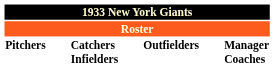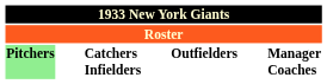 <table class="toccolours" style="font-size: 95%;">
 <tr>
 <th colspan="10" style="background-color: black; color: #FFFDD0; text-align: center;">1933 New York Giants</th>
 </tr>
 <tr>
 <td colspan="10" style="background-color: #fd5a1e; color: #FFFDD0; text-align: center;"><strong>Roster</strong></td>
 </tr>
 <tr>
-<td valign="top"><strong>Pitchers</strong><br>                   </td>
+<td valign="top" style="background: lightgreen;"><strong>Pitchers</strong><br>                   </td>
 <td width="25px"></td>
 <td valign="top"><strong>Catchers</strong><br>   <strong>Infielders</strong>              </td>
 <td width="25px"></td>
 <td valign="top"><strong>Outfielders</strong><br>       </td>
 <td width="25px"></td>
 <td valign="top"><strong>Manager</strong><br> <strong>Coaches</strong>     </td>
 </tr>
 </table>
